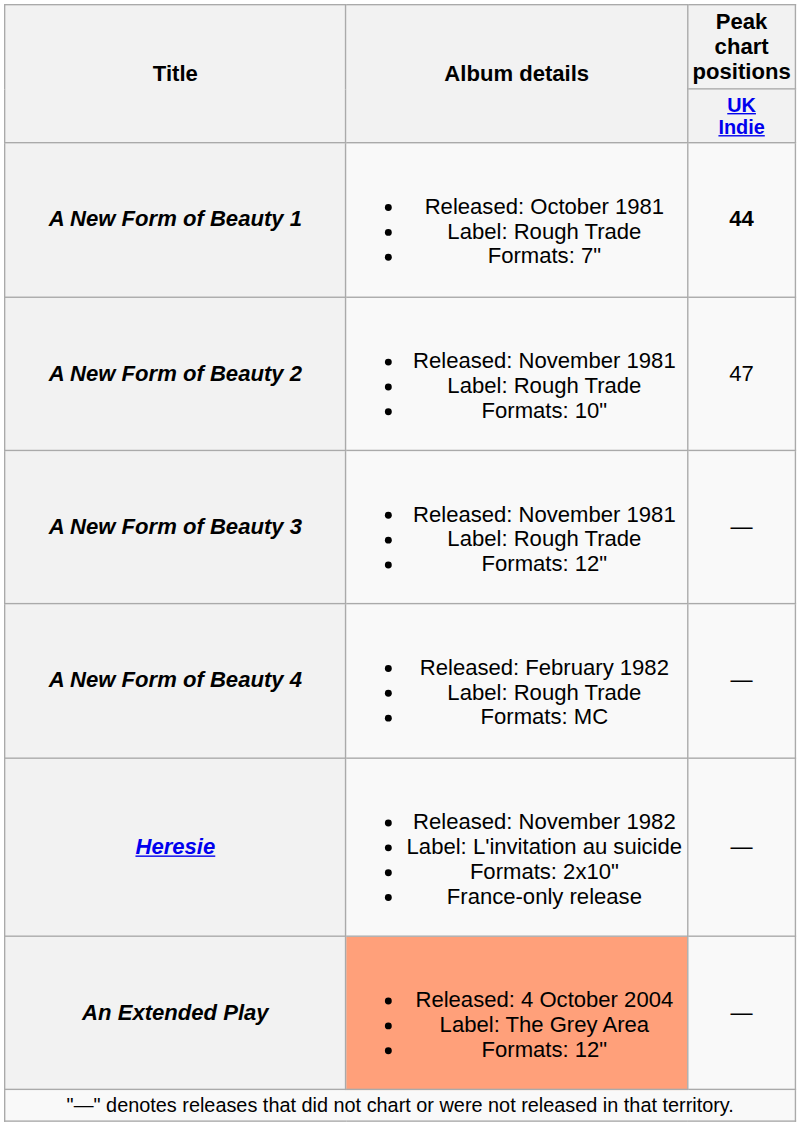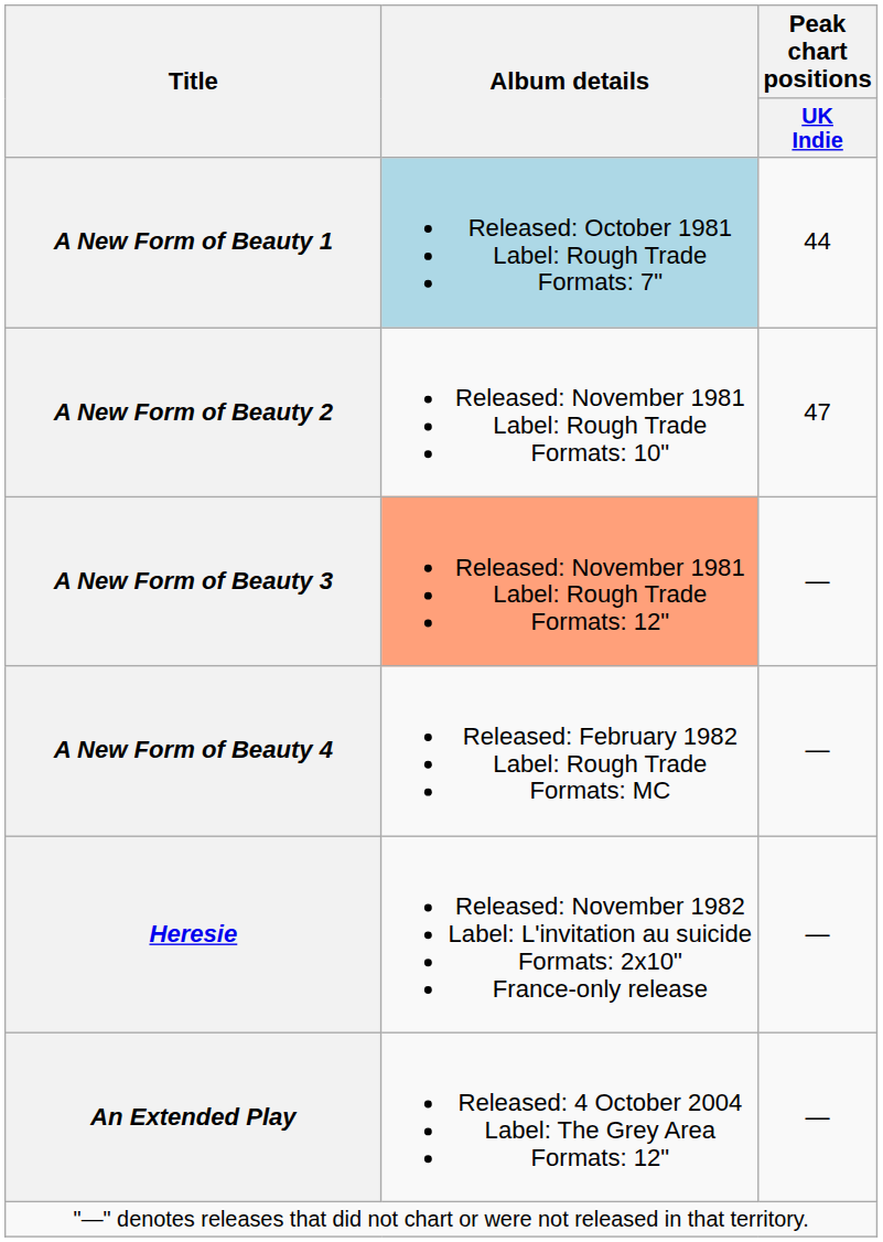 <table class="wikitable plainrowheaders" style="text-align:center;">
 <tr>
 <th rowspan="2" scope="col" style="width:15em;">Title</th>
 <th rowspan="2" scope="col" style="width:15em;">Album details</th>
 <th>Peak chart positions</th>
 </tr>
 <tr>
 <th scope="col" style="width:2em;font-size:90%;"><a href='#'>UK<br>Indie</a><br></th>
 </tr>
 <tr>
 <th scope="row"><em>A New Form of Beauty 1</em></th>
-<td><br><ul><li>Released: October 1981</li><li>Label: Rough Trade</li><li>Formats: 7"</li></ul></td>
-<td><strong>44</strong></td>
+<td style="background: lightblue;"><br><ul><li>Released: October 1981</li><li>Label: Rough Trade</li><li>Formats: 7"</li></ul></td>
+<td>44</td>
 </tr>
 <tr>
 <th scope="row"><em>A New Form of Beauty 2</em></th>
 <td><br><ul><li>Released: November 1981</li><li>Label: Rough Trade</li><li>Formats: 10"</li></ul></td>
 <td>47</td>
 </tr>
 <tr>
 <th scope="row"><em>A New Form of Beauty 3</em></th>
-<td><br><ul><li>Released: November 1981</li><li>Label: Rough Trade</li><li>Formats: 12"</li></ul></td>
+<td style="background: lightsalmon;"><br><ul><li>Released: November 1981</li><li>Label: Rough Trade</li><li>Formats: 12"</li></ul></td>
 <td>—</td>
 </tr>
 <tr>
 <th scope="row"><em>A New Form of Beauty 4</em></th>
 <td><br><ul><li>Released: February 1982</li><li>Label: Rough Trade</li><li>Formats: MC</li></ul></td>
 <td>—</td>
 </tr>
 <tr>
 <th scope="row"><em><a href='#'>Heresie</a></em></th>
 <td><br><ul><li>Released: November 1982</li><li>Label: L'invitation au suicide</li><li>Formats: 2x10"</li><li>France-only release</li></ul></td>
 <td>—</td>
 </tr>
 <tr>
 <th scope="row"><em>An Extended Play</em></th>
-<td style="background: lightsalmon;"><br><ul><li>Released: 4 October 2004</li><li>Label: The Grey Area</li><li>Formats: 12"</li></ul></td>
+<td><br><ul><li>Released: 4 October 2004</li><li>Label: The Grey Area</li><li>Formats: 12"</li></ul></td>
 <td>—</td>
 </tr>
 <tr>
 <td colspan="3" style="font-size:90%">"—" denotes releases that did not chart or were not released in that territory.</td>
 </tr>
 </table>
